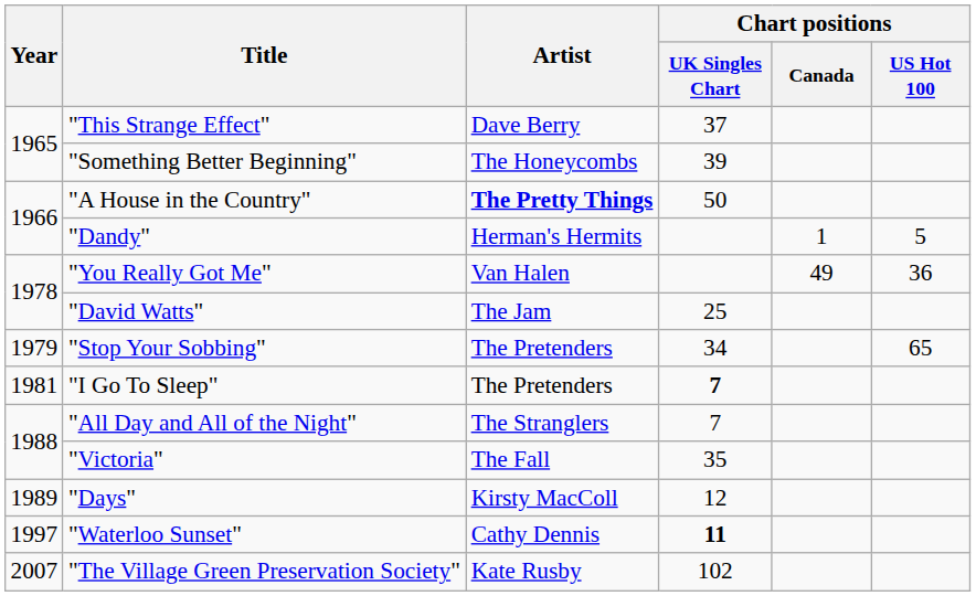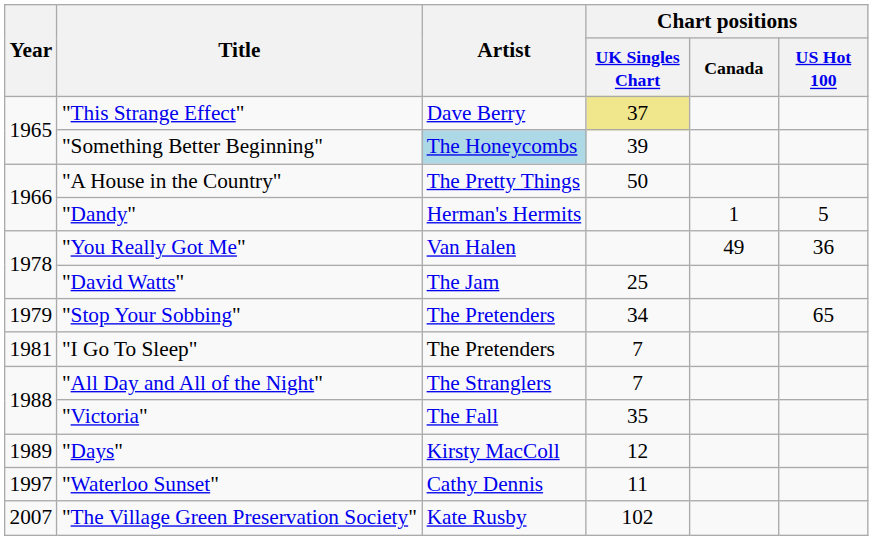 <table class="wikitable">
 <tr>
 <th rowspan="2">Year</th>
 <th rowspan="2">Title</th>
 <th rowspan="2">Artist</th>
 <th colspan="3">Chart positions</th>
 </tr>
 <tr>
 <th style="width:70px;"><small><a href='#'>UK Singles Chart</a></small></th>
 <th style="width:60px;"><small>Canada</small></th>
 <th style="width:60px;"><small><a href='#'>US Hot 100</a></small></th>
 </tr>
 <tr>
 <td rowspan="2">1965</td>
 <td>"<a href='#'>This Strange Effect</a>"</td>
 <td><a href='#'>Dave Berry</a></td>
-<td style="text-align:center;">37</td>
+<td style="background: khaki; text-align:center;">37</td>
 <td style="text-align:center;"></td>
 <td style="text-align:center;"></td>
 </tr>
 <tr>
 <td>"Something Better Beginning"</td>
-<td><a href='#'>The Honeycombs</a></td>
+<td style="background: lightblue;"><a href='#'>The Honeycombs</a></td>
 <td style="text-align:center;">39</td>
 <td style="text-align:center;"></td>
 <td style="text-align:center;"></td>
 </tr>
 <tr>
 <td rowspan="2">1966</td>
 <td>"A House in the Country"</td>
-<td><strong><a href='#'>The Pretty Things</a></strong></td>
+<td><a href='#'>The Pretty Things</a></td>
 <td style="text-align:center;">50</td>
 <td style="text-align:center;"></td>
 <td style="text-align:center;"></td>
 </tr>
 <tr>
 <td>"<a href='#'>Dandy</a>"</td>
 <td><a href='#'>Herman's Hermits</a></td>
 <td style="text-align:center;"></td>
 <td style="text-align:center;">1</td>
 <td style="text-align:center;">5</td>
 </tr>
 <tr>
 <td rowspan="2">1978</td>
 <td>"<a href='#'>You Really Got Me</a>"</td>
 <td><a href='#'>Van Halen</a></td>
 <td style="text-align:center;"></td>
 <td style="text-align:center;">49</td>
 <td style="text-align:center;">36</td>
 </tr>
 <tr>
 <td>"<a href='#'>David Watts</a>"</td>
 <td><a href='#'>The Jam</a></td>
 <td style="text-align:center;">25</td>
 <td style="text-align:center;"></td>
 <td style="text-align:center;"></td>
 </tr>
 <tr>
 <td>1979</td>
 <td>"<a href='#'>Stop Your Sobbing</a>"</td>
 <td><a href='#'>The Pretenders</a></td>
 <td style="text-align:center;">34</td>
 <td style="text-align:center;"></td>
 <td style="text-align:center;">65</td>
 </tr>
 <tr>
 <td>1981</td>
 <td>"I Go To Sleep"</td>
 <td>The Pretenders</td>
-<td style="text-align:center;"><strong>7</strong></td>
+<td style="text-align:center;">7</td>
 <td style="text-align:center;"></td>
 <td style="text-align:center;"></td>
 </tr>
 <tr>
 <td rowspan="2">1988</td>
 <td>"<a href='#'>All Day and All of the Night</a>"</td>
 <td><a href='#'>The Stranglers</a></td>
 <td style="text-align:center;">7</td>
 <td style="text-align:center;"></td>
 <td style="text-align:center;"></td>
 </tr>
 <tr>
 <td>"<a href='#'>Victoria</a>"</td>
 <td><a href='#'>The Fall</a></td>
 <td style="text-align:center;">35</td>
 <td style="text-align:center;"></td>
 <td style="text-align:center;"></td>
 </tr>
 <tr>
 <td>1989</td>
 <td>"<a href='#'>Days</a>"</td>
 <td><a href='#'>Kirsty MacColl</a></td>
 <td style="text-align:center;">12</td>
 <td style="text-align:center;"></td>
 <td style="text-align:center;"></td>
 </tr>
 <tr>
 <td>1997</td>
 <td>"<a href='#'>Waterloo Sunset</a>"</td>
 <td><a href='#'>Cathy Dennis</a></td>
-<td style="text-align:center;"><strong>11</strong></td>
+<td style="text-align:center;">11</td>
 <td style="text-align:center;"></td>
 <td style="text-align:center;"></td>
 </tr>
 <tr>
 <td>2007</td>
 <td>"<a href='#'>The Village Green Preservation Society</a>"</td>
 <td><a href='#'>Kate Rusby</a></td>
 <td style="text-align:center;">102</td>
 <td style="text-align:center;"></td>
 <td style="text-align:center;"></td>
 </tr>
 </table>
